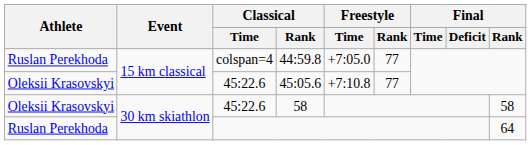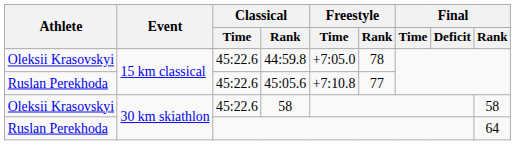 <table class="wikitable" style="font-size:90%">
 <tr>
 <th rowspan=2>Athlete</th>
 <th rowspan=2>Event</th>
 <th colspan=2>Classical</th>
 <th colspan=2>Freestyle</th>
 <th colspan=3>Final</th>
 </tr>
 <tr style="font-size: 95%">
 <th>Time</th>
 <th>Rank</th>
 <th>Time</th>
 <th>Rank</th>
 <th>Time</th>
 <th>Deficit</th>
 <th>Rank</th>
 </tr>
 <tr align=center>
-<td align=left><a href='#'>Ruslan Perekhoda</a></td>
+<td align=left><a href='#'>Oleksii Krasovskyi</a></td>
 <td align=left rowspan=2><a href='#'>15 km classical</a></td>
-<td>colspan=4 </td>
+<td>45:22.6</td>
 <td>44:59.8</td>
 <td>+7:05.0</td>
-<td>77</td>
+<td>78</td>
 </tr>
 <tr align=center>
-<td align=left><a href='#'>Oleksii Krasovskyi</a></td>
+<td align=left><a href='#'>Ruslan Perekhoda</a></td>
 <td>45:22.6</td>
 <td>45:05.6</td>
 <td>+7:10.8</td>
 <td>77</td>
 </tr>
 <tr align=center>
 <td align=left><a href='#'>Oleksii Krasovskyi</a></td>
 <td align=left rowspan=2><a href='#'>30 km skiathlon</a></td>
 <td>45:22.6</td>
 <td>58</td>
 <td colspan=4></td>
 <td>58</td>
 </tr>
 <tr align=center>
 <td align=left><a href='#'>Ruslan Perekhoda</a></td>
 <td colspan=6></td>
 <td>64</td>
 </tr>
 </table>
